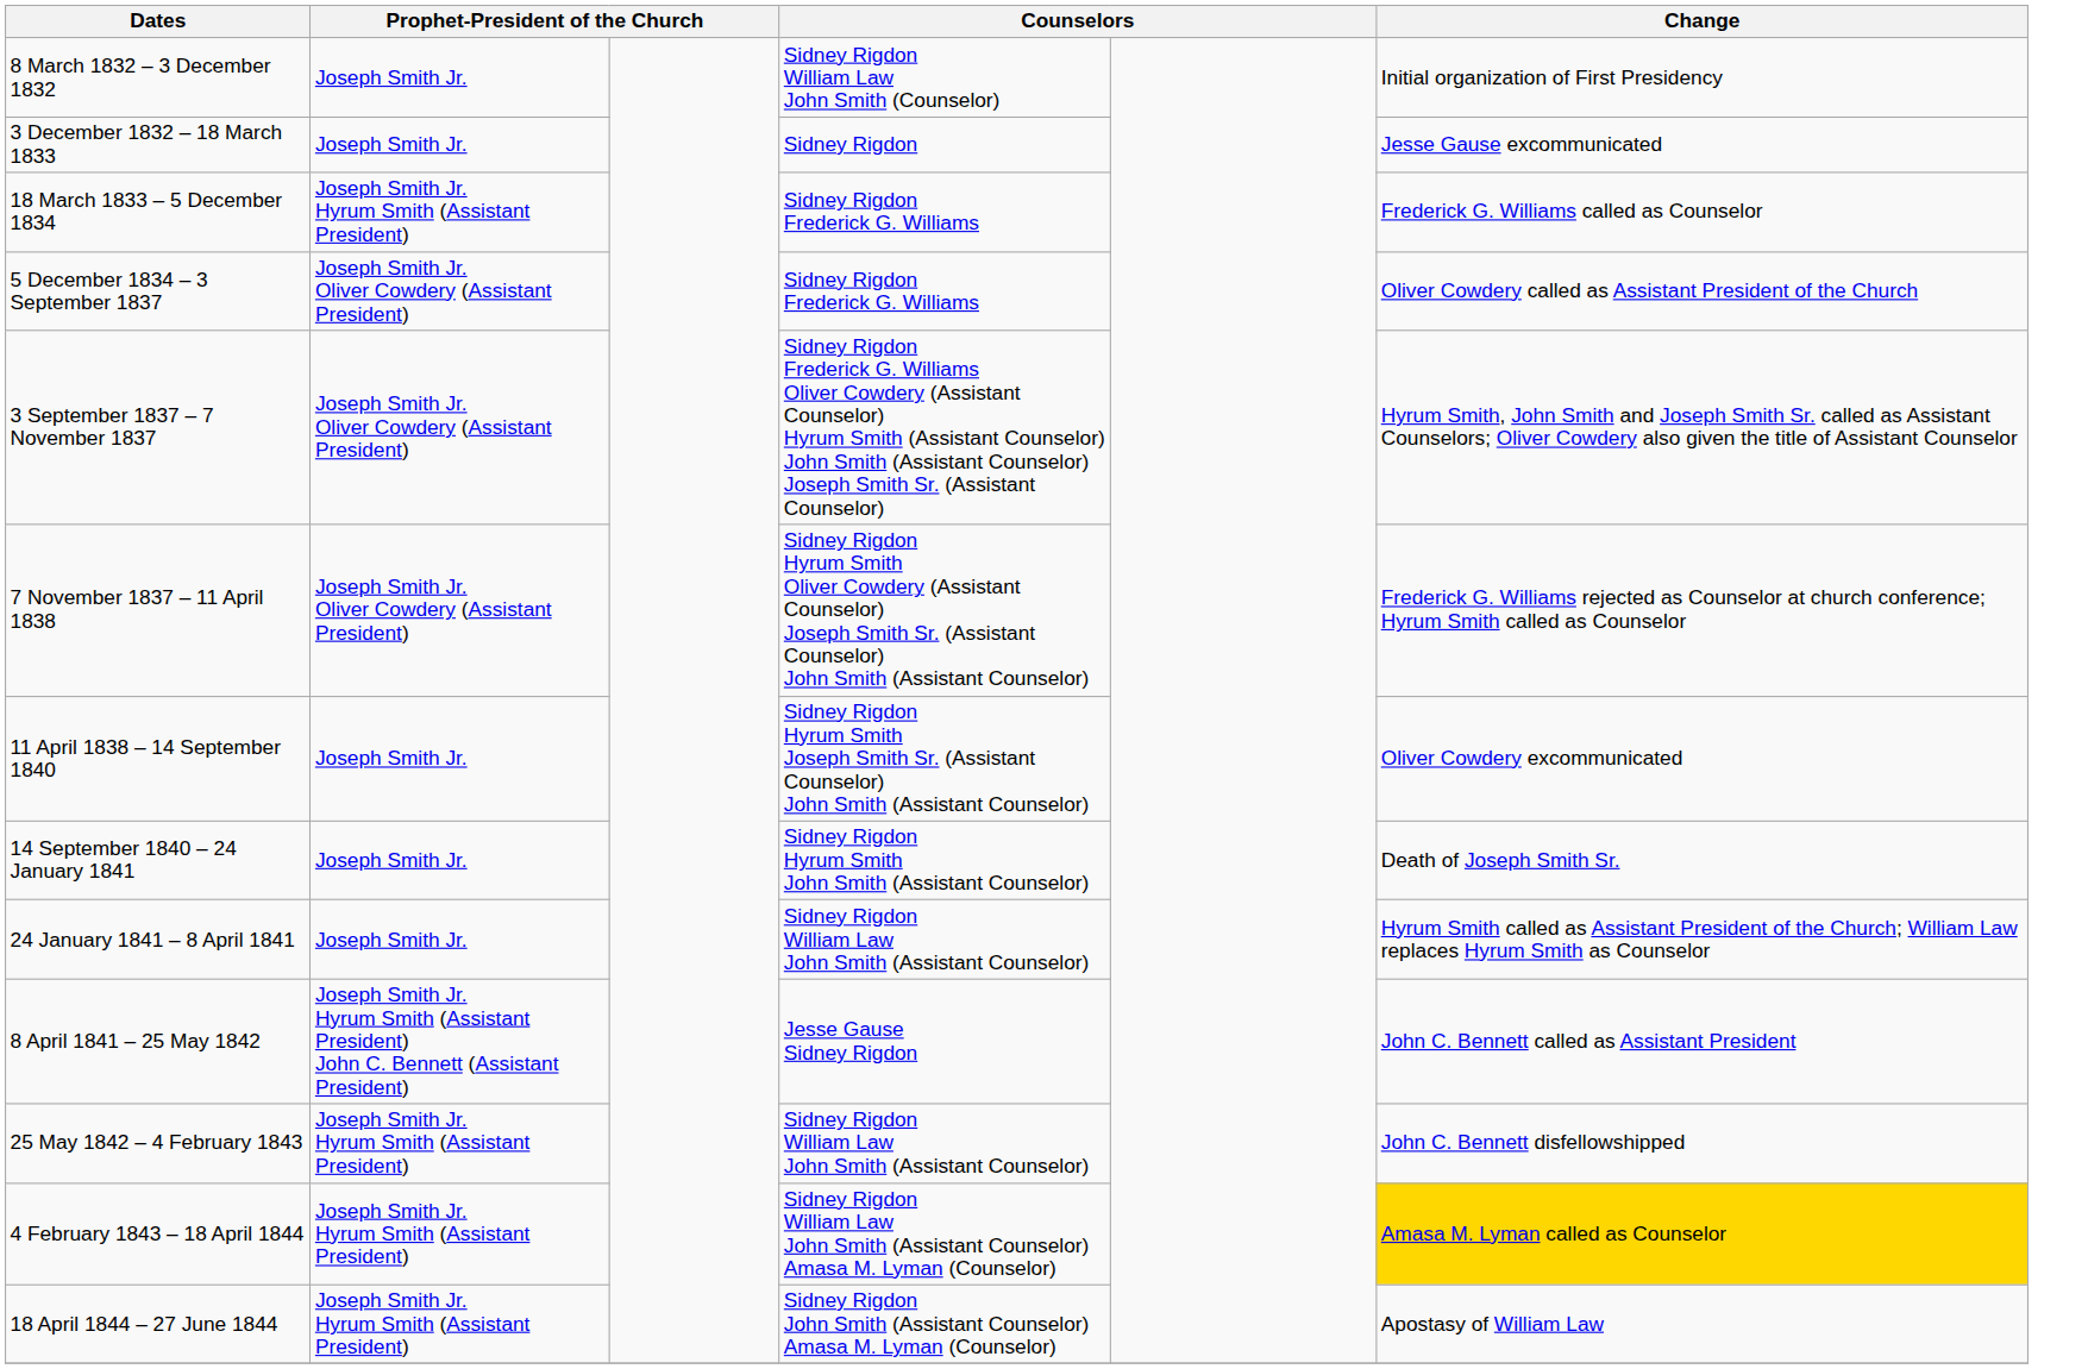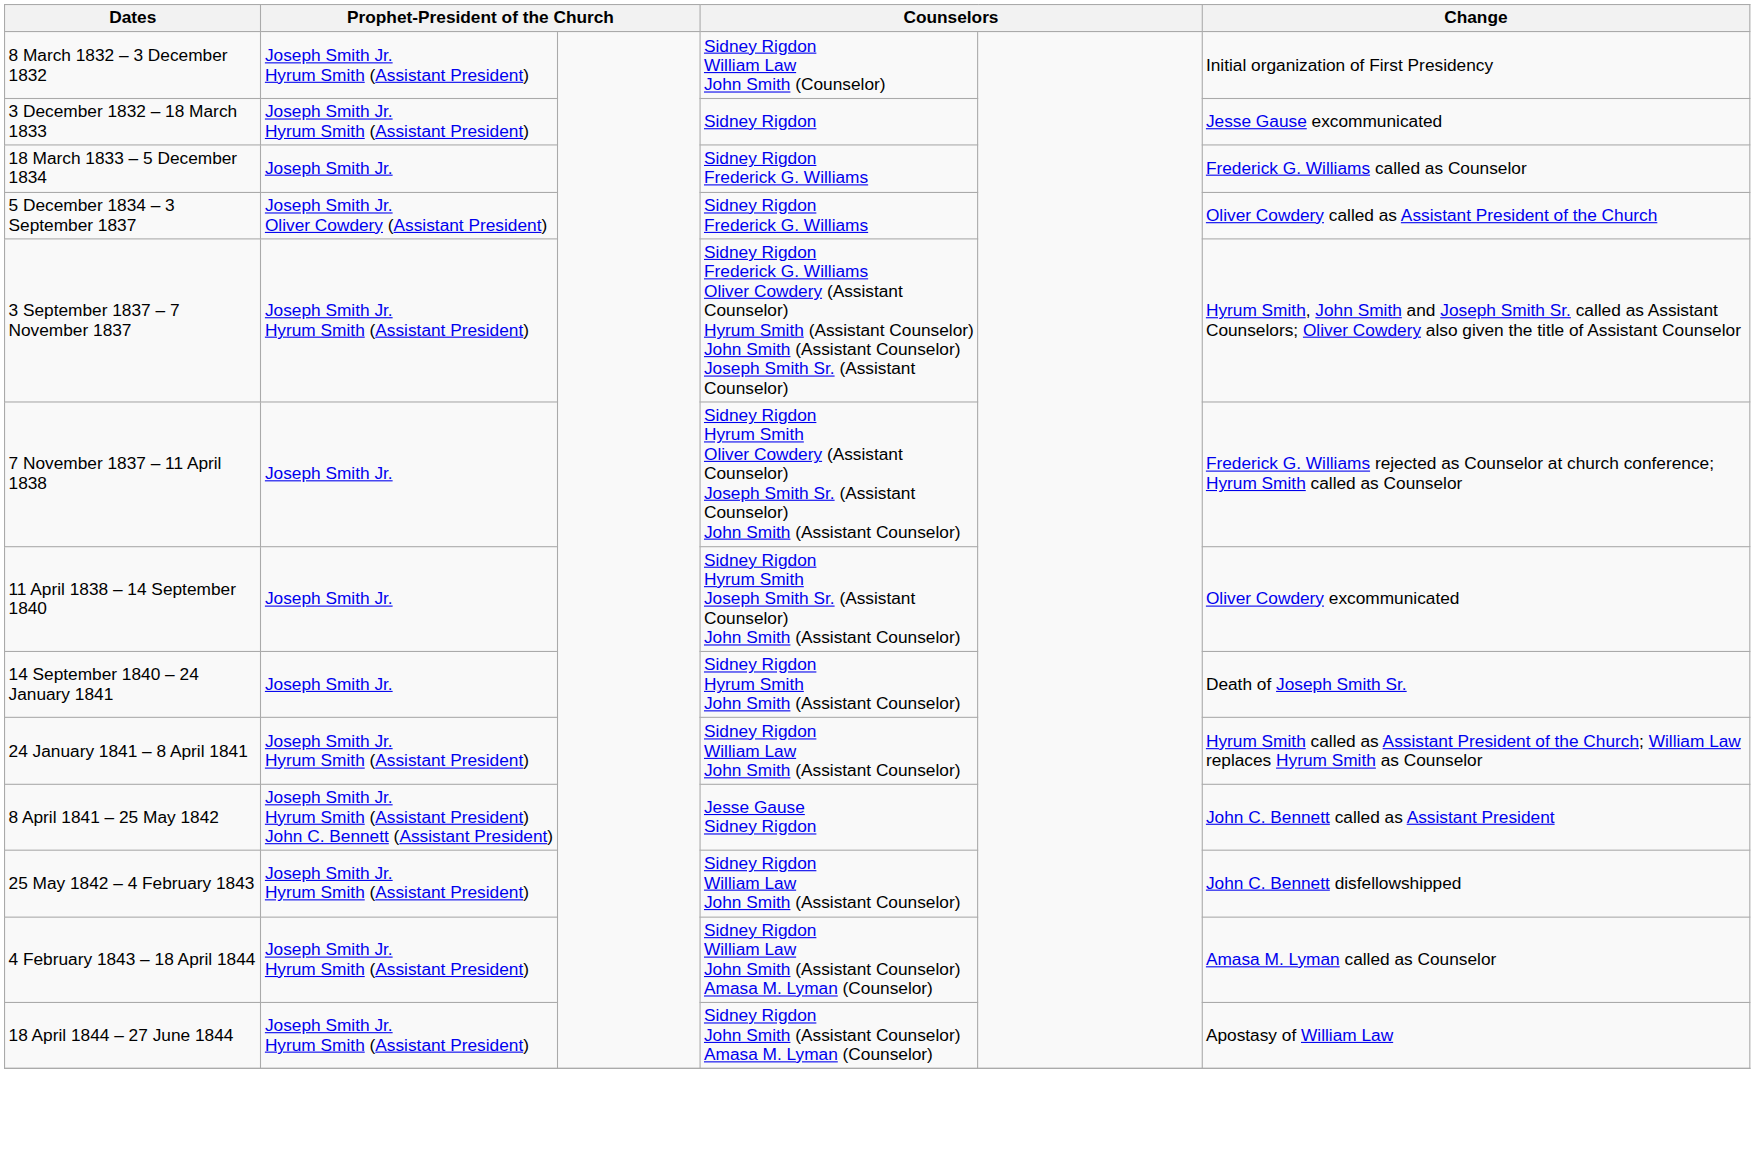 <table class="wikitable">
 <tr style= "border: 1; cellpadding: 5; cellspacing: 0; bgcolor: #DCDCFF">
 <th width = "230px">Dates</th>
 <th colspan = "2">Prophet-President of the Church</th>
 <th colspan = "2">Counselors</th>
 <th width = "500px">Change</th>
 </tr>
 <tr>
 <td>8 March 1832 – 3 December 1832</td>
-<td width = "225px"><a href='#'>Joseph Smith Jr.</a></td>
+<td><a href='#'>Joseph Smith Jr.</a><br><a href='#'>Hyrum Smith</a> (<a href='#'>Assistant President</a>)</td>
 <td rowspan = "13" width = "125px"></td>
 <td><a href='#'>Sidney Rigdon</a><br><a href='#'>William Law</a><br><a href='#'>John Smith</a> (Counselor)</td>
 <td rowspan = "13" width = "200px"></td>
 <td>Initial organization of First Presidency</td>
 </tr>
 <tr>
 <td>3 December 1832 – 18 March 1833</td>
-<td><a href='#'>Joseph Smith Jr.</a></td>
+<td><a href='#'>Joseph Smith Jr.</a><br><a href='#'>Hyrum Smith</a> (<a href='#'>Assistant President</a>)</td>
 <td><a href='#'>Sidney Rigdon</a></td>
 <td><a href='#'>Jesse Gause</a> excommunicated</td>
 </tr>
 <tr>
 <td>18 March 1833 – 5 December 1834</td>
-<td><a href='#'>Joseph Smith Jr.</a><br><a href='#'>Hyrum Smith</a> (<a href='#'>Assistant President</a>)</td>
+<td><a href='#'>Joseph Smith Jr.</a></td>
 <td><a href='#'>Sidney Rigdon</a><br><a href='#'>Frederick G. Williams</a></td>
 <td><a href='#'>Frederick G. Williams</a> called as Counselor</td>
 </tr>
 <tr>
 <td>5 December 1834 – 3 September 1837</td>
 <td><a href='#'>Joseph Smith Jr.</a><br><a href='#'>Oliver Cowdery</a> (<a href='#'>Assistant President</a>)</td>
 <td><a href='#'>Sidney Rigdon</a><br><a href='#'>Frederick G. Williams</a></td>
 <td><a href='#'>Oliver Cowdery</a> called as <a href='#'>Assistant President of the Church</a></td>
 </tr>
 <tr>
 <td>3 September 1837 – 7 November 1837</td>
-<td><a href='#'>Joseph Smith Jr.</a><br><a href='#'>Oliver Cowdery</a> (<a href='#'>Assistant President</a>)</td>
+<td><a href='#'>Joseph Smith Jr.</a><br><a href='#'>Hyrum Smith</a> (<a href='#'>Assistant President</a>)</td>
 <td><a href='#'>Sidney Rigdon</a><br><a href='#'>Frederick G. Williams</a><br><a href='#'>Oliver Cowdery</a> (Assistant Counselor)<br><a href='#'>Hyrum Smith</a> (Assistant Counselor)<br><a href='#'>John Smith</a> (Assistant Counselor)<br><a href='#'>Joseph Smith Sr.</a> (Assistant Counselor)<br></td>
 <td><a href='#'>Hyrum Smith</a>, <a href='#'>John Smith</a> and <a href='#'>Joseph Smith Sr.</a> called as Assistant Counselors; <a href='#'>Oliver Cowdery</a> also given the title of Assistant Counselor</td>
 </tr>
 <tr>
 <td>7 November 1837 – 11 April 1838</td>
-<td><a href='#'>Joseph Smith Jr.</a><br><a href='#'>Oliver Cowdery</a> (<a href='#'>Assistant President</a>)</td>
+<td><a href='#'>Joseph Smith Jr.</a></td>
 <td><a href='#'>Sidney Rigdon</a><br><a href='#'>Hyrum Smith</a><br><a href='#'>Oliver Cowdery</a> (Assistant Counselor)<br><a href='#'>Joseph Smith Sr.</a> (Assistant Counselor)<br><a href='#'>John Smith</a> (Assistant Counselor)</td>
 <td><a href='#'>Frederick G. Williams</a> rejected as Counselor at church conference; <a href='#'>Hyrum Smith</a> called as Counselor</td>
 </tr>
 <tr>
 <td>11 April 1838 – 14 September 1840</td>
 <td><a href='#'>Joseph Smith Jr.</a></td>
 <td><a href='#'>Sidney Rigdon</a><br><a href='#'>Hyrum Smith</a><br><a href='#'>Joseph Smith Sr.</a> (Assistant Counselor)<br><a href='#'>John Smith</a> (Assistant Counselor)</td>
 <td><a href='#'>Oliver Cowdery</a> excommunicated</td>
 </tr>
 <tr>
 <td>14 September 1840 – 24 January 1841</td>
 <td><a href='#'>Joseph Smith Jr.</a></td>
 <td><a href='#'>Sidney Rigdon</a><br><a href='#'>Hyrum Smith</a><br><a href='#'>John Smith</a> (Assistant Counselor)</td>
 <td>Death of <a href='#'>Joseph Smith Sr.</a></td>
 </tr>
 <tr>
 <td>24 January 1841 – 8 April 1841</td>
-<td><a href='#'>Joseph Smith Jr.</a></td>
+<td><a href='#'>Joseph Smith Jr.</a><br><a href='#'>Hyrum Smith</a> (<a href='#'>Assistant President</a>)</td>
 <td><a href='#'>Sidney Rigdon</a><br><a href='#'>William Law</a><br><a href='#'>John Smith</a> (Assistant Counselor)</td>
 <td><a href='#'>Hyrum Smith</a> called as <a href='#'>Assistant President of the Church</a>; <a href='#'>William Law</a> replaces <a href='#'>Hyrum Smith</a> as Counselor</td>
 </tr>
 <tr>
 <td>8 April 1841 – 25 May 1842</td>
 <td><a href='#'>Joseph Smith Jr.</a><br><a href='#'>Hyrum Smith</a> (<a href='#'>Assistant President</a>)<br><a href='#'>John C. Bennett</a> (<a href='#'>Assistant President</a>)</td>
 <td width = "250px"><a href='#'>Jesse Gause</a><br><a href='#'>Sidney Rigdon</a></td>
 <td><a href='#'>John C. Bennett</a> called as <a href='#'>Assistant President</a></td>
 </tr>
 <tr>
 <td>25 May 1842 – 4 February 1843</td>
 <td><a href='#'>Joseph Smith Jr.</a><br><a href='#'>Hyrum Smith</a> (<a href='#'>Assistant President</a>)</td>
 <td><a href='#'>Sidney Rigdon</a><br><a href='#'>William Law</a><br><a href='#'>John Smith</a> (Assistant Counselor)</td>
 <td><a href='#'>John C. Bennett</a> disfellowshipped</td>
 </tr>
 <tr>
 <td>4 February 1843 – 18 April 1844</td>
 <td><a href='#'>Joseph Smith Jr.</a><br><a href='#'>Hyrum Smith</a> (<a href='#'>Assistant President</a>)</td>
 <td><a href='#'>Sidney Rigdon</a><br><a href='#'>William Law</a><br><a href='#'>John Smith</a> (Assistant Counselor)<br><a href='#'>Amasa M. Lyman</a> (Counselor)<br></td>
-<td style="background: gold;"><a href='#'>Amasa M. Lyman</a> called as Counselor</td>
+<td><a href='#'>Amasa M. Lyman</a> called as Counselor</td>
 </tr>
 <tr>
 <td>18 April 1844 – 27 June 1844</td>
 <td><a href='#'>Joseph Smith Jr.</a><br><a href='#'>Hyrum Smith</a> (<a href='#'>Assistant President</a>)</td>
 <td><a href='#'>Sidney Rigdon</a><br><a href='#'>John Smith</a> (Assistant Counselor)<br><a href='#'>Amasa M. Lyman</a> (Counselor)</td>
 <td>Apostasy of <a href='#'>William Law</a></td>
 </tr>
 <tr>
 </tr>
 </table>
